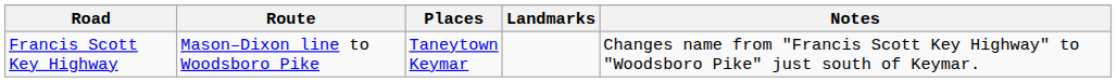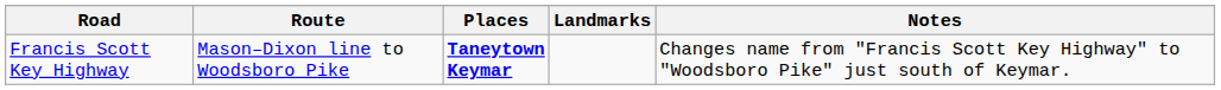 <table class="wikitable">
 <tr style="background-color:#DDDDDD;text-align:center;">
 </tr>
 <tr>
 <th>Road</th>
 <th>Route</th>
 <th>Places</th>
 <th>Landmarks</th>
 <th>Notes</th>
 </tr>
 <tr>
 <td><a href='#'>Francis Scott Key Highway</a></td>
 <td><a href='#'>Mason–Dixon line</a> to <a href='#'>Woodsboro Pike</a></td>
-<td><a href='#'>Taneytown</a><br><a href='#'>Keymar</a></td>
+<td><strong><a href='#'>Taneytown</a><br><a href='#'>Keymar</a></strong></td>
 <td></td>
 <td>Changes name from "Francis Scott Key Highway" to "Woodsboro Pike" just south of Keymar.</td>
 </tr>
 </table>
